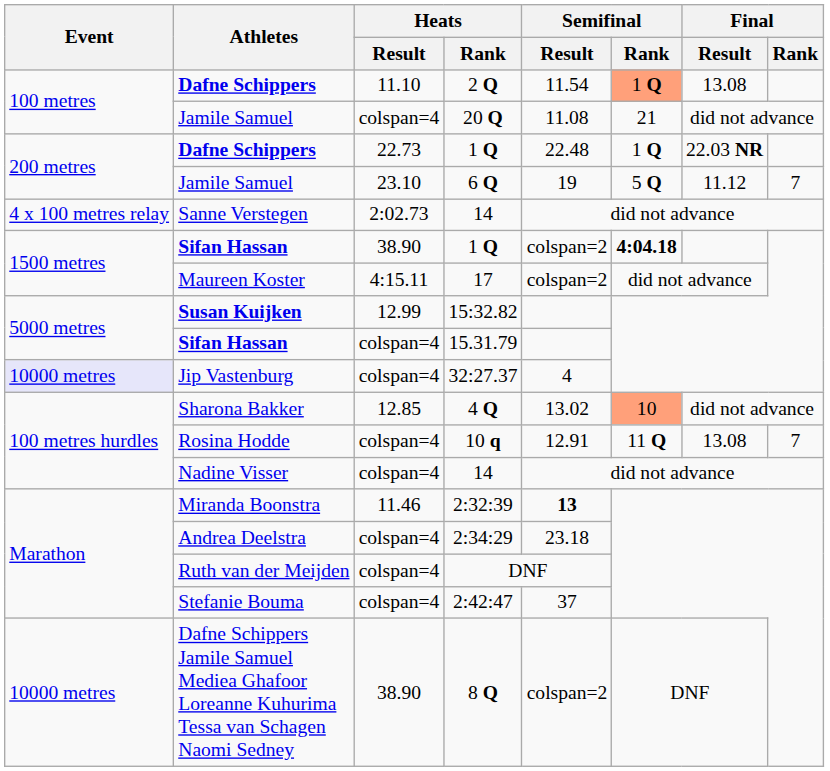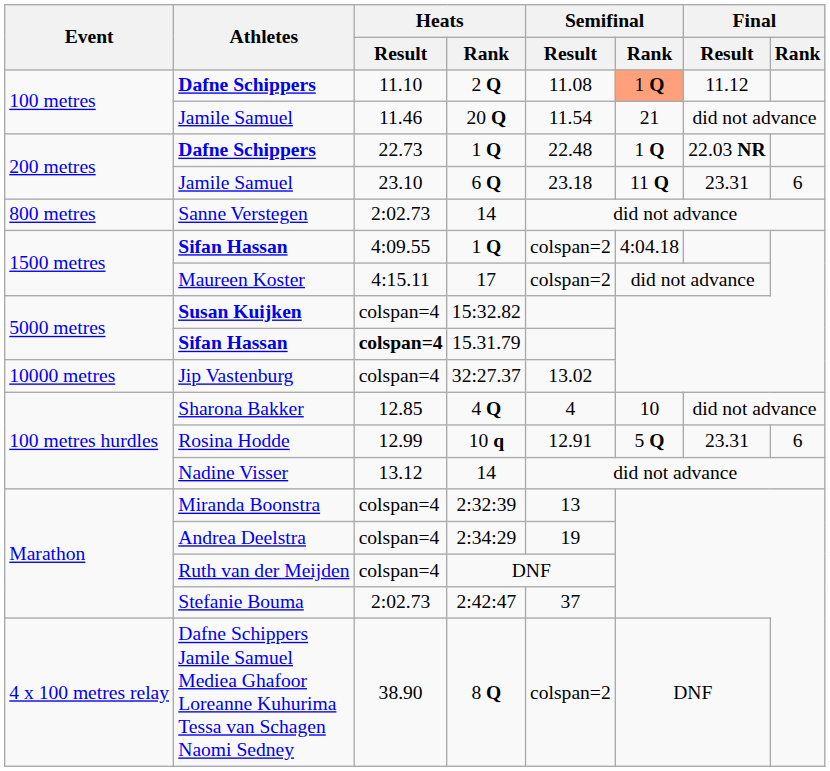 <table class="wikitable" border="1" style="font-size:90%">
 <tr>
 <th rowspan="2">Event</th>
 <th rowspan="2">Athletes</th>
 <th colspan="2">Heats</th>
 <th colspan="2">Semifinal</th>
 <th colspan="2">Final</th>
 </tr>
 <tr>
 <th>Result</th>
 <th>Rank</th>
 <th>Result</th>
 <th>Rank</th>
 <th>Result</th>
 <th>Rank</th>
 </tr>
 <tr>
 <td rowspan=2><a href='#'>100 metres</a></td>
 <td><strong><a href='#'>Dafne Schippers</a></strong></td>
 <td align=center>11.10</td>
 <td align=center>2 <strong>Q</strong></td>
-<td align=center>11.54</td>
+<td align=center>11.08</td>
 <td align=center style="background: lightsalmon;">1 <strong>Q</strong></td>
-<td align=center>13.08</td>
+<td align=center>11.12</td>
 <td align=center></td>
 </tr>
 <tr>
 <td><a href='#'>Jamile Samuel</a></td>
-<td>colspan=4 </td>
+<td align=center>11.46</td>
 <td align=center>20 <strong>Q</strong></td>
-<td align=center>11.08</td>
+<td align=center>11.54</td>
 <td align=center>21</td>
 <td align=center colspan=2>did not advance</td>
 </tr>
 <tr>
 <td rowspan=2><a href='#'>200 metres</a></td>
 <td><strong><a href='#'>Dafne Schippers</a></strong></td>
 <td align=center>22.73</td>
 <td align=center>1 <strong>Q</strong></td>
 <td align=center>22.48</td>
 <td align=center>1 <strong>Q</strong></td>
 <td align=center>22.03 <strong>NR</strong></td>
 <td align=center></td>
 </tr>
 <tr>
 <td><a href='#'>Jamile Samuel</a></td>
 <td align=center>23.10</td>
 <td align=center>6 <strong>Q</strong></td>
-<td align=center>19</td>
-<td align=center>5 <strong>Q</strong></td>
-<td align=center>11.12</td>
-<td align=center>7</td>
+<td align=center>23.18</td>
+<td align=center>11 <strong>Q</strong></td>
+<td align=center>23.31</td>
+<td align=center>6</td>
 </tr>
 <tr>
-<td><a href='#'>4 x 100 metres relay</a></td>
+<td><a href='#'>800 metres</a></td>
 <td><a href='#'>Sanne Verstegen</a></td>
 <td align=center>2:02.73</td>
 <td align=center>14</td>
 <td align=center colspan=4>did not advance</td>
 </tr>
 <tr>
 <td rowspan=2><a href='#'>1500 metres</a></td>
 <td><strong><a href='#'>Sifan Hassan</a></strong></td>
-<td align=center>38.90</td>
+<td align=center>4:09.55</td>
 <td align=center>1 <strong>Q</strong></td>
 <td>colspan=2 </td>
-<td align=center><strong>4:04.18</strong></td>
+<td align=center>4:04.18</td>
 <td align=center></td>
 </tr>
 <tr>
 <td><a href='#'>Maureen Koster</a></td>
 <td align=center>4:15.11</td>
 <td align=center>17</td>
 <td>colspan=2 </td>
 <td align=center colspan=2>did not advance</td>
 </tr>
 <tr>
 <td rowspan=2><a href='#'>5000 metres</a></td>
 <td><strong><a href='#'>Susan Kuijken</a></strong></td>
-<td align=center>12.99</td>
+<td>colspan=4 </td>
 <td align=center>15:32.82</td>
 <td align=center></td>
 </tr>
 <tr>
 <td><strong><a href='#'>Sifan Hassan</a></strong></td>
-<td>colspan=4 </td>
+<td><strong>colspan=4 </strong></td>
 <td align=center>15.31.79</td>
 <td align=center></td>
 </tr>
 <tr>
-<td style="background: lavender;"><a href='#'>10000 metres</a></td>
+<td><a href='#'>10000 metres</a></td>
 <td><a href='#'>Jip Vastenburg</a></td>
 <td>colspan=4 </td>
 <td align=center>32:27.37</td>
-<td align=center>4</td>
+<td align=center>13.02</td>
 </tr>
 <tr>
 <td rowspan=3><a href='#'>100 metres hurdles</a></td>
 <td><a href='#'>Sharona Bakker</a></td>
 <td align=center>12.85</td>
 <td align=center>4 <strong>Q</strong></td>
-<td align=center>13.02</td>
-<td align=center style="background: lightsalmon;">10</td>
+<td align=center>4</td>
+<td align=center>10</td>
 <td align=center colspan=2>did not advance</td>
 </tr>
 <tr>
 <td><a href='#'>Rosina Hodde</a></td>
-<td>colspan=4 </td>
+<td align=center>12.99</td>
 <td align=center>10 <strong>q</strong></td>
 <td align=center>12.91</td>
-<td align=center>11 <strong>Q</strong></td>
-<td align=center>13.08</td>
-<td align=center>7</td>
+<td align=center>5 <strong>Q</strong></td>
+<td align=center>23.31</td>
+<td align=center>6</td>
 </tr>
 <tr>
 <td><a href='#'>Nadine Visser</a></td>
-<td>colspan=4 </td>
+<td align=center>13.12</td>
 <td align=center>14</td>
 <td align=center colspan=4>did not advance</td>
 </tr>
 <tr>
 <td rowspan=4><a href='#'>Marathon</a></td>
 <td><a href='#'>Miranda Boonstra</a></td>
-<td align=center>11.46</td>
+<td>colspan=4 </td>
 <td align=center>2:32:39</td>
-<td align=center><strong>13</strong></td>
+<td align=center>13</td>
 </tr>
 <tr>
 <td><a href='#'>Andrea Deelstra</a></td>
 <td>colspan=4 </td>
 <td align=center>2:34:29</td>
-<td align=center>23.18</td>
+<td align=center>19</td>
 </tr>
 <tr>
 <td><a href='#'>Ruth van der Meijden</a></td>
 <td>colspan=4 </td>
 <td align=center colspan=2>DNF</td>
 </tr>
 <tr>
 <td><a href='#'>Stefanie Bouma</a></td>
-<td>colspan=4 </td>
+<td align=center>2:02.73</td>
 <td align=center>2:42:47</td>
 <td align=center>37</td>
 </tr>
 <tr>
-<td><a href='#'>10000 metres</a></td>
+<td><a href='#'>4 x 100 metres relay</a></td>
 <td><a href='#'>Dafne Schippers</a><br><a href='#'>Jamile Samuel</a><br><a href='#'>Mediea Ghafoor</a><br><a href='#'>Loreanne Kuhurima</a><br><a href='#'>Tessa van Schagen</a><br><a href='#'>Naomi Sedney</a></td>
 <td align=center>38.90</td>
 <td align=center>8 <strong>Q</strong></td>
 <td>colspan=2 </td>
 <td align=center colspan=2>DNF</td>
 </tr>
 </table>
